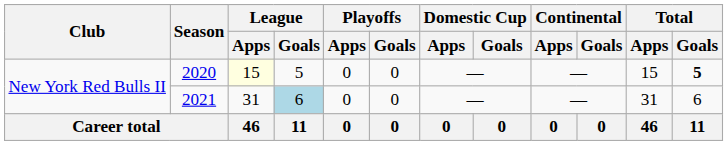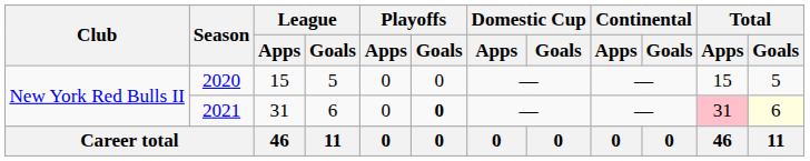 <table class="wikitable" style="text-align: center;">
 <tr>
 <th rowspan="2">Club</th>
 <th rowspan="2">Season</th>
 <th colspan="2">League</th>
 <th colspan="2">Playoffs</th>
 <th colspan="2">Domestic Cup</th>
 <th colspan="2">Continental</th>
 <th colspan="2">Total</th>
 </tr>
 <tr>
 <th>Apps</th>
 <th>Goals</th>
 <th>Apps</th>
 <th>Goals</th>
 <th>Apps</th>
 <th>Goals</th>
 <th>Apps</th>
 <th>Goals</th>
 <th>Apps</th>
 <th>Goals</th>
 </tr>
 <tr>
 <td rowspan="2"><a href='#'>New York Red Bulls II</a></td>
 <td><a href='#'>2020</a></td>
-<td style="background: lightyellow;">15</td>
+<td>15</td>
 <td>5</td>
 <td>0</td>
 <td>0</td>
 <td colspan="2">—</td>
 <td colspan="2">—</td>
 <td>15</td>
-<td><strong>5</strong></td>
+<td>5</td>
 </tr>
 <tr>
 <td><a href='#'>2021</a></td>
 <td>31</td>
-<td style="background: lightblue;">6</td>
+<td>6</td>
 <td>0</td>
-<td>0</td>
+<td><strong>0</strong></td>
 <td colspan="2">—</td>
 <td colspan="2">—</td>
-<td>31</td>
-<td>6</td>
+<td style="background: pink;">31</td>
+<td style="background: lightyellow;">6</td>
 </tr>
 <tr>
 <th colspan="2">Career total</th>
 <th>46</th>
 <th>11</th>
 <th>0</th>
 <th>0</th>
 <th>0</th>
 <th>0</th>
 <th>0</th>
 <th>0</th>
 <th>46</th>
 <th>11</th>
 </tr>
 </table>
